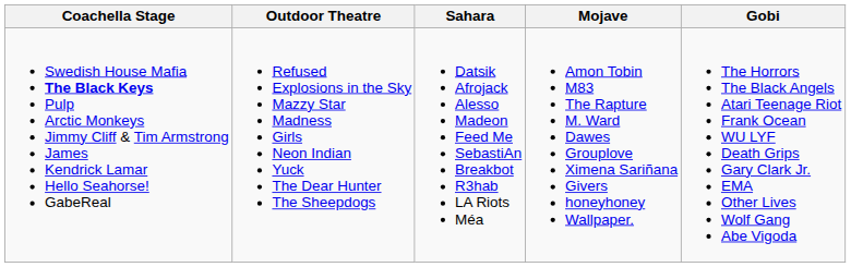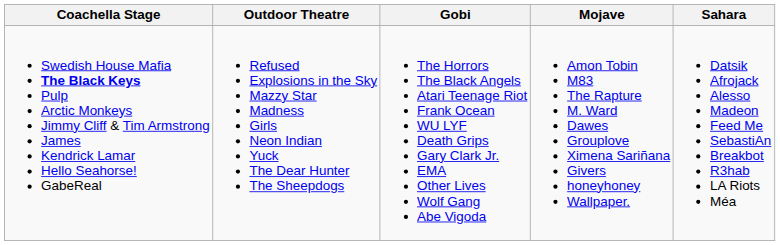 <table class="wikitable">
 <tr>
 <th>Coachella Stage</th>
 <th>Outdoor Theatre</th>
+<th>Gobi</th>
+<th>Mojave</th>
 <th>Sahara</th>
-<th>Mojave</th>
-<th>Gobi</th>
 </tr>
 <tr valign="top">
 <td><br><ul><li><a href='#'>Swedish House Mafia</a></li><li><strong><a href='#'>The Black Keys</a></strong></li><li><a href='#'>Pulp</a></li><li><a href='#'>Arctic Monkeys</a></li><li><a href='#'>Jimmy Cliff</a> & <a href='#'>Tim Armstrong</a></li><li><a href='#'>James</a></li><li><a href='#'>Kendrick Lamar</a></li><li><a href='#'>Hello Seahorse!</a></li><li>GabeReal</li></ul></td>
 <td><br><ul><li><a href='#'>Refused</a></li><li><a href='#'>Explosions in the Sky</a></li><li><a href='#'>Mazzy Star</a></li><li><a href='#'>Madness</a></li><li><a href='#'>Girls</a></li><li><a href='#'>Neon Indian</a></li><li><a href='#'>Yuck</a></li><li><a href='#'>The Dear Hunter</a></li><li><a href='#'>The Sheepdogs</a></li></ul></td>
+<td><br><ul><li><a href='#'>The Horrors</a></li><li><a href='#'>The Black Angels</a></li><li><a href='#'>Atari Teenage Riot</a></li><li><a href='#'>Frank Ocean</a></li><li><a href='#'>WU LYF</a></li><li><a href='#'>Death Grips</a></li><li><a href='#'>Gary Clark Jr.</a></li><li><a href='#'>EMA</a></li><li><a href='#'>Other Lives</a></li><li><a href='#'>Wolf Gang</a></li><li><a href='#'>Abe Vigoda</a></li></ul></td>
+<td><br><ul><li><a href='#'>Amon Tobin</a></li><li><a href='#'>M83</a></li><li><a href='#'>The Rapture</a></li><li><a href='#'>M. Ward</a></li><li><a href='#'>Dawes</a></li><li><a href='#'>Grouplove</a></li><li><a href='#'>Ximena Sariñana</a></li><li><a href='#'>Givers</a></li><li><a href='#'>honeyhoney</a></li><li><a href='#'>Wallpaper.</a></li></ul></td>
 <td><br><ul><li><a href='#'>Datsik</a></li><li><a href='#'>Afrojack</a></li><li><a href='#'>Alesso</a></li><li><a href='#'>Madeon</a></li><li><a href='#'>Feed Me</a></li><li><a href='#'>SebastiAn</a></li><li><a href='#'>Breakbot</a></li><li><a href='#'>R3hab</a></li><li>LA Riots</li><li>Méa</li></ul></td>
-<td><br><ul><li><a href='#'>Amon Tobin</a></li><li><a href='#'>M83</a></li><li><a href='#'>The Rapture</a></li><li><a href='#'>M. Ward</a></li><li><a href='#'>Dawes</a></li><li><a href='#'>Grouplove</a></li><li><a href='#'>Ximena Sariñana</a></li><li><a href='#'>Givers</a></li><li><a href='#'>honeyhoney</a></li><li><a href='#'>Wallpaper.</a></li></ul></td>
-<td><br><ul><li><a href='#'>The Horrors</a></li><li><a href='#'>The Black Angels</a></li><li><a href='#'>Atari Teenage Riot</a></li><li><a href='#'>Frank Ocean</a></li><li><a href='#'>WU LYF</a></li><li><a href='#'>Death Grips</a></li><li><a href='#'>Gary Clark Jr.</a></li><li><a href='#'>EMA</a></li><li><a href='#'>Other Lives</a></li><li><a href='#'>Wolf Gang</a></li><li><a href='#'>Abe Vigoda</a></li></ul></td>
 </tr>
 </table>
